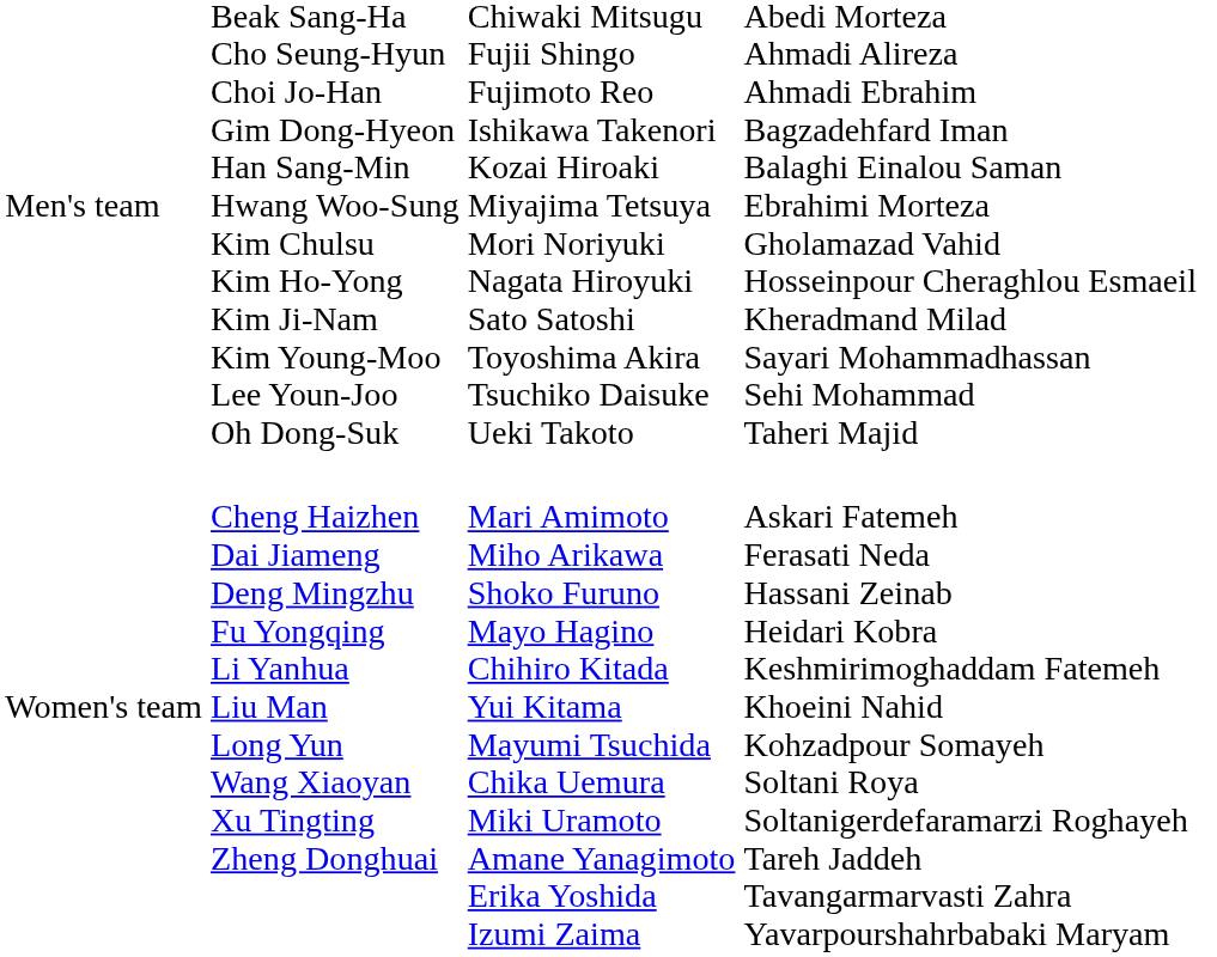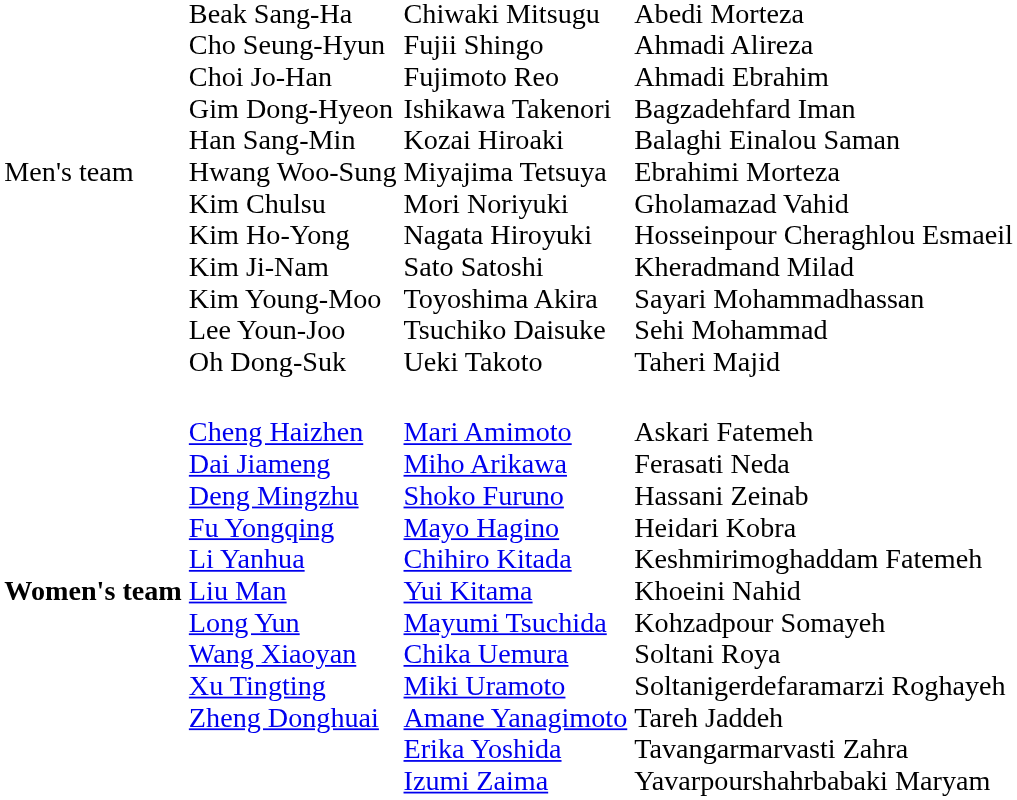 <table>
 <tr>
 <td>Men's team</td>
 <td valign="top"><br>Beak Sang-Ha<br> Cho Seung-Hyun<br> Choi Jo-Han<br> Gim Dong-Hyeon<br> Han Sang-Min<br> Hwang Woo-Sung<br> Kim Chulsu<br> Kim Ho-Yong<br> Kim Ji-Nam<br> Kim Young-Moo<br> Lee Youn-Joo<br> Oh Dong-Suk</td>
 <td valign="top"><br>Chiwaki Mitsugu<br> Fujii Shingo<br> Fujimoto Reo<br> Ishikawa Takenori<br> Kozai Hiroaki<br> Miyajima Tetsuya<br> Mori Noriyuki<br> Nagata Hiroyuki<br> Sato Satoshi<br> Toyoshima Akira<br> Tsuchiko Daisuke<br> Ueki Takoto</td>
 <td valign="top"><br>Abedi Morteza<br> Ahmadi Alireza<br> Ahmadi Ebrahim<br> Bagzadehfard Iman<br> Balaghi Einalou Saman<br> Ebrahimi Morteza<br> Gholamazad Vahid<br> Hosseinpour Cheraghlou Esmaeil<br> Kheradmand Milad<br> Sayari Mohammadhassan<br> Sehi Mohammad<br> Taheri Majid</td>
 </tr>
 <tr>
-<td>Women's team</td>
+<td><strong>Women's team</strong></td>
 <td valign="top"><br><a href='#'>Cheng Haizhen</a><br> <a href='#'>Dai Jiameng</a><br> <a href='#'>Deng Mingzhu</a><br> <a href='#'>Fu Yongqing</a><br> <a href='#'>Li Yanhua</a><br> <a href='#'>Liu Man</a><br> <a href='#'>Long Yun</a><br> <a href='#'>Wang Xiaoyan</a><br> <a href='#'>Xu Tingting</a><br> <a href='#'>Zheng Donghuai</a></td>
 <td valign="top"><br><a href='#'>Mari Amimoto</a><br> <a href='#'>Miho Arikawa</a><br> <a href='#'>Shoko Furuno</a><br> <a href='#'>Mayo Hagino</a><br> <a href='#'>Chihiro Kitada</a><br> <a href='#'>Yui Kitama</a><br> <a href='#'>Mayumi Tsuchida</a><br> <a href='#'>Chika Uemura</a><br> <a href='#'>Miki Uramoto</a><br> <a href='#'>Amane Yanagimoto</a><br> <a href='#'>Erika Yoshida</a><br> <a href='#'>Izumi Zaima</a></td>
 <td valign="top"><br>Askari Fatemeh<br> Ferasati Neda<br> Hassani Zeinab<br> Heidari Kobra<br> Keshmirimoghaddam Fatemeh<br> Khoeini Nahid<br> Kohzadpour Somayeh<br> Soltani Roya<br> Soltanigerdefaramarzi Roghayeh<br> Tareh Jaddeh<br> Tavangarmarvasti Zahra<br> Yavarpourshahrbabaki Maryam<br></td>
 </tr>
 </table>
